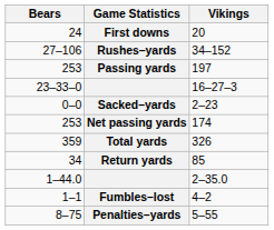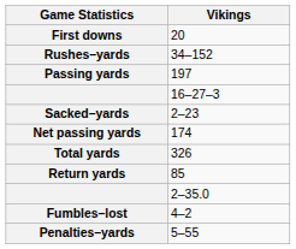 <table class="wikitable" style="margin: 1em auto 1em auto">
 <tr>
-<th style="width:30%;">Bears</th>
 <th style="width:40%;">Game Statistics</th>
 <th style="width:30%;">Vikings</th>
 </tr>
 <tr>
-<td style="text-align:right;">24</td>
 <th>First downs</th>
 <td>20</td>
 </tr>
 <tr>
-<td style="text-align:right;">27–106</td>
 <th>Rushes–yards</th>
 <td>34–152</td>
 </tr>
 <tr>
-<td style="text-align:right;">253</td>
 <th>Passing yards</th>
 <td>197</td>
 </tr>
 <tr>
-<td style="text-align:right;">23–33–0</td>
 <th></th>
 <td>16–27–3</td>
 </tr>
 <tr>
-<td style="text-align:right;">0–0</td>
 <th>Sacked–yards</th>
 <td>2–23</td>
 </tr>
 <tr>
-<td style="text-align:right;">253</td>
 <th>Net passing yards</th>
 <td>174</td>
 </tr>
 <tr>
-<td style="text-align:right;">359</td>
 <th>Total yards</th>
 <td>326</td>
 </tr>
 <tr>
-<td style="text-align:right;">34</td>
 <th>Return yards</th>
 <td>85</td>
 </tr>
 <tr>
-<td style="text-align:right;">1–44.0</td>
 <th></th>
 <td>2–35.0</td>
 </tr>
 <tr>
-<td style="text-align:right;">1–1</td>
 <th>Fumbles–lost</th>
 <td>4–2</td>
 </tr>
 <tr>
-<td style="text-align:right;">8–75</td>
 <th>Penalties–yards</th>
 <td>5–55</td>
 </tr>
 </table>
